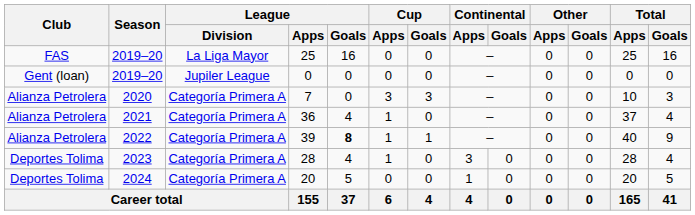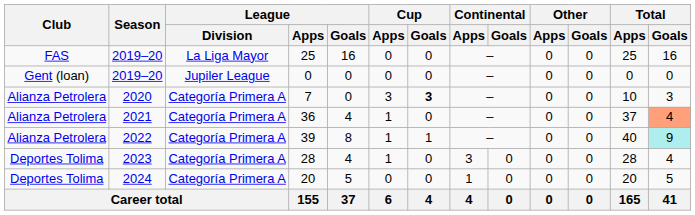 <table class="wikitable" style="text-align: center">
 <tr>
 <th rowspan="2">Club</th>
 <th rowspan="2">Season</th>
 <th colspan="3">League</th>
 <th colspan="2">Cup</th>
 <th colspan="2">Continental</th>
 <th colspan="2">Other</th>
 <th colspan="2">Total</th>
 </tr>
 <tr>
 <th>Division</th>
 <th>Apps</th>
 <th>Goals</th>
 <th>Apps</th>
 <th>Goals</th>
 <th>Apps</th>
 <th>Goals</th>
 <th>Apps</th>
 <th>Goals</th>
 <th>Apps</th>
 <th>Goals</th>
 </tr>
 <tr>
 <td><a href='#'>FAS</a></td>
 <td><a href='#'>2019–20</a></td>
 <td><a href='#'>La Liga Mayor</a></td>
 <td>25</td>
 <td>16</td>
 <td>0</td>
 <td>0</td>
 <td colspan="2">–</td>
 <td>0</td>
 <td>0</td>
 <td>25</td>
 <td>16</td>
 </tr>
 <tr>
 <td><a href='#'>Gent</a> (loan)</td>
 <td><a href='#'>2019–20</a></td>
 <td><a href='#'>Jupiler League</a></td>
 <td>0</td>
 <td>0</td>
 <td>0</td>
 <td>0</td>
 <td colspan="2">–</td>
 <td>0</td>
 <td>0</td>
 <td>0</td>
 <td>0</td>
 </tr>
 <tr>
 <td><a href='#'>Alianza Petrolera</a></td>
 <td><a href='#'>2020</a></td>
 <td><a href='#'>Categoría Primera A</a></td>
 <td>7</td>
 <td>0</td>
 <td>3</td>
-<td>3</td>
+<td><strong>3</strong></td>
 <td colspan="2">–</td>
 <td>0</td>
 <td>0</td>
 <td>10</td>
 <td>3</td>
 </tr>
 <tr>
 <td><a href='#'>Alianza Petrolera</a></td>
 <td><a href='#'>2021</a></td>
 <td><a href='#'>Categoría Primera A</a></td>
 <td>36</td>
 <td>4</td>
 <td>1</td>
 <td>0</td>
 <td colspan="2">–</td>
 <td>0</td>
 <td>0</td>
 <td>37</td>
-<td>4</td>
+<td style="background: lightsalmon;">4</td>
 </tr>
 <tr>
 <td><a href='#'>Alianza Petrolera</a></td>
 <td><a href='#'>2022</a></td>
 <td><a href='#'>Categoría Primera A</a></td>
 <td>39</td>
-<td><strong>8</strong></td>
+<td>8</td>
 <td>1</td>
 <td>1</td>
 <td colspan="2">–</td>
 <td>0</td>
 <td>0</td>
 <td>40</td>
-<td>9</td>
+<td style="background: paleturquoise;">9</td>
 </tr>
 <tr>
 <td><a href='#'>Deportes Tolima</a></td>
 <td><a href='#'>2023</a></td>
 <td><a href='#'>Categoría Primera A</a></td>
 <td>28</td>
 <td>4</td>
 <td>1</td>
 <td>0</td>
 <td>3</td>
 <td>0</td>
 <td>0</td>
 <td>0</td>
 <td>28</td>
 <td>4</td>
 </tr>
 <tr>
 <td><a href='#'>Deportes Tolima</a></td>
 <td><a href='#'>2024</a></td>
 <td><a href='#'>Categoría Primera A</a></td>
 <td>20</td>
 <td>5</td>
 <td>0</td>
 <td>0</td>
 <td>1</td>
 <td>0</td>
 <td>0</td>
 <td>0</td>
 <td>20</td>
 <td>5</td>
 </tr>
 <tr>
 <th colspan=3>Career total</th>
 <th>155</th>
 <th>37</th>
 <th>6</th>
 <th>4</th>
 <th>4</th>
 <th>0</th>
 <th>0</th>
 <th>0</th>
 <th>165</th>
 <th>41</th>
 </tr>
 </table>
